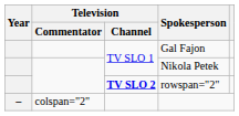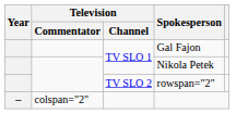 <table class="wikitable sortable plainrowheaders">
 <tr>
 <th scope="col" rowspan="2">Year</th>
 <th scope="colgroup" colspan="2">Television</th>
 <th scope="col" rowspan="2">Spokesperson</th>
 <th scope="col" rowspan="2" class="unsortable"></th>
 </tr>
 <tr>
 <th scope="col">Commentator</th>
 <th scope="col">Channel</th>
 </tr>
 <tr>
 <th scope="row"></th>
 <td></td>
 <td rowspan="2"><a href='#'>TV SLO 1</a></td>
 <td>Gal Fajon</td>
 <td></td>
 </tr>
 <tr>
 <th scope="row"></th>
 <td rowspan="2"></td>
 <td>Nikola Petek</td>
 <td></td>
 </tr>
 <tr>
 <th scope="row"></th>
-<td><strong><a href='#'>TV SLO 2</a></strong></td>
+<td><a href='#'>TV SLO 2</a></td>
 <td>rowspan="2" </td>
 <td></td>
 </tr>
 <tr>
 <th scope="row">–</th>
 <td>colspan="2" </td>
 <td></td>
 </tr>
 </table>
